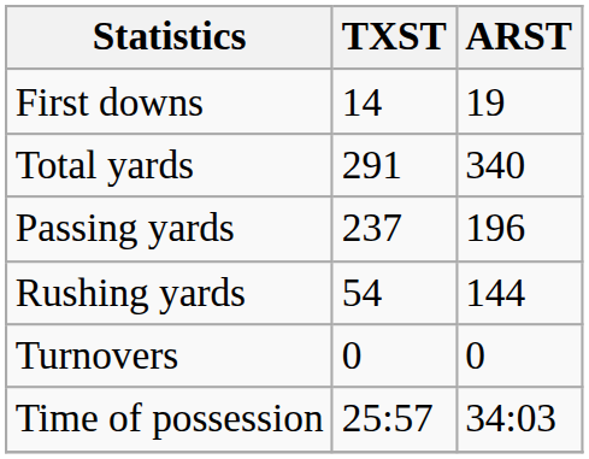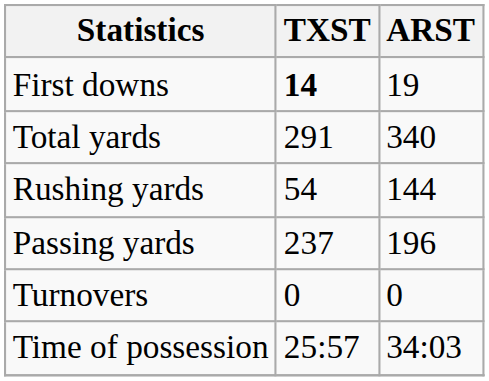 <table class="wikitable">
 <tr>
 <th>Statistics</th>
 <th>TXST</th>
 <th>ARST</th>
 </tr>
 <tr>
 <td>First downs</td>
-<td>14</td>
+<td><strong>14</strong></td>
 <td>19</td>
 </tr>
 <tr>
 <td>Total yards</td>
 <td>291</td>
 <td>340</td>
 </tr>
 <tr>
+<td>Rushing yards</td>
+<td>54</td>
+<td>144</td>
+</tr>
+<tr>
 <td>Passing yards</td>
 <td>237</td>
 <td>196</td>
-</tr>
-<tr>
-<td>Rushing yards</td>
-<td>54</td>
-<td>144</td>
 </tr>
 <tr>
 <td>Turnovers</td>
 <td>0</td>
 <td>0</td>
 </tr>
 <tr>
 <td>Time of possession</td>
 <td>25:57</td>
 <td>34:03</td>
 </tr>
 <tr>
 </tr>
 </table>
